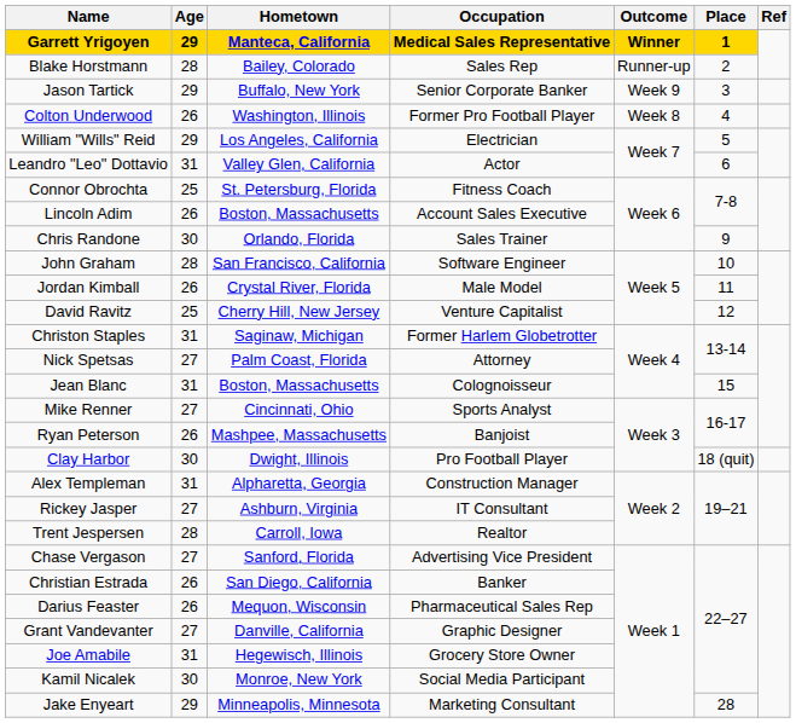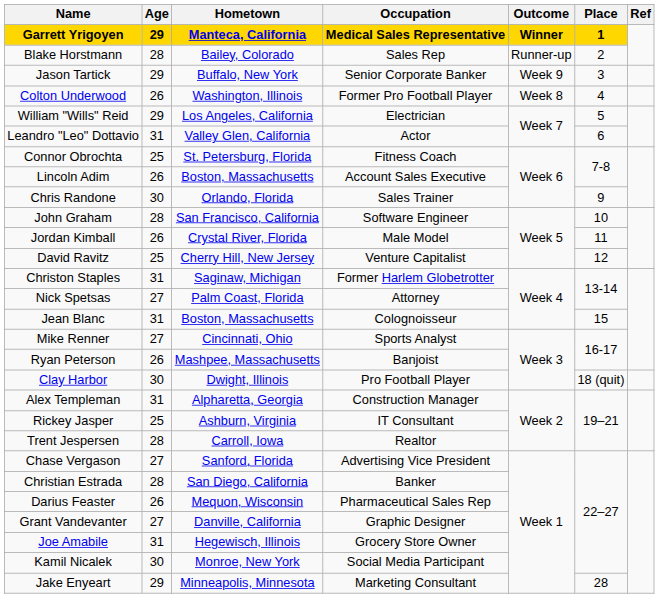 <table class="wikitable sortable" style="text-align:center;">
 <tr>
 <th>Name</th>
 <th>Age</th>
 <th>Hometown</th>
 <th>Occupation</th>
 <th>Outcome</th>
 <th>Place</th>
 <th>Ref</th>
 </tr>
 <tr>
 <td bgcolor="gold "><strong>Garrett Yrigoyen</strong></td>
 <td bgcolor="gold"><strong>29</strong></td>
 <td bgcolor="gold"><strong><a href='#'>Manteca, California</a></strong></td>
 <td bgcolor="gold"><strong>Medical Sales Representative</strong></td>
 <td bgcolor="gold"><strong>Winner</strong></td>
 <td bgcolor="gold"><strong>1</strong></td>
 <td rowspan="2" align="center"></td>
 </tr>
 <tr>
 <td>Blake Horstmann</td>
 <td>28</td>
 <td><a href='#'>Bailey, Colorado</a></td>
 <td>Sales Rep</td>
 <td data-sort-value="Wh">Runner-up</td>
 <td>2</td>
 </tr>
 <tr>
 <td>Jason Tartick</td>
 <td>29</td>
 <td><a href='#'>Buffalo, New York</a></td>
 <td>Senior Corporate Banker</td>
 <td>Week 9</td>
 <td>3</td>
 <td></td>
 </tr>
 <tr>
 <td><a href='#'>Colton Underwood</a></td>
 <td>26</td>
 <td><a href='#'>Washington, Illinois</a></td>
 <td>Former Pro Football Player</td>
 <td>Week 8</td>
 <td>4</td>
 <td></td>
 </tr>
 <tr>
 <td>William "Wills" Reid</td>
 <td>29</td>
 <td><a href='#'>Los Angeles, California</a></td>
 <td>Electrician</td>
 <td rowspan="2">Week 7</td>
 <td>5</td>
 <td rowspan="2"></td>
 </tr>
 <tr>
 <td Leo Dottavio>Leandro "Leo" Dottavio</td>
 <td>31</td>
 <td><a href='#'>Valley Glen, California</a></td>
 <td>Actor</td>
 <td>6</td>
 </tr>
 <tr>
 <td>Connor Obrochta</td>
 <td>25</td>
 <td><a href='#'>St. Petersburg, Florida</a></td>
 <td>Fitness Coach</td>
 <td rowspan="3">Week 6</td>
 <td rowspan="2">7-8</td>
 <td rowspan="3"></td>
 </tr>
 <tr>
 <td>Lincoln Adim</td>
 <td>26</td>
 <td><a href='#'>Boston, Massachusetts</a></td>
 <td>Account Sales Executive</td>
 </tr>
 <tr>
 <td>Chris Randone</td>
 <td>30</td>
 <td><a href='#'>Orlando, Florida</a></td>
 <td>Sales Trainer</td>
 <td>9</td>
 </tr>
 <tr>
 <td>John Graham</td>
 <td>28</td>
 <td><a href='#'>San Francisco, California</a></td>
 <td>Software Engineer</td>
 <td rowspan="3">Week 5</td>
 <td>10</td>
 <td rowspan="3"></td>
 </tr>
 <tr>
 <td>Jordan Kimball</td>
 <td>26</td>
 <td><a href='#'>Crystal River, Florida</a></td>
 <td>Male Model</td>
 <td>11</td>
 </tr>
 <tr>
 <td>David Ravitz</td>
 <td>25</td>
 <td><a href='#'>Cherry Hill, New Jersey</a></td>
 <td>Venture Capitalist</td>
 <td>12</td>
 </tr>
 <tr>
 <td>Christon Staples</td>
 <td>31</td>
 <td><a href='#'>Saginaw, Michigan</a></td>
 <td>Former <a href='#'>Harlem Globetrotter</a></td>
 <td rowspan="3">Week 4</td>
 <td rowspan="2">13-14</td>
 <td rowspan="5"></td>
 </tr>
 <tr>
 <td>Nick Spetsas</td>
 <td>27</td>
 <td><a href='#'>Palm Coast, Florida</a></td>
 <td>Attorney</td>
 </tr>
 <tr>
 <td>Jean Blanc</td>
 <td>31</td>
 <td><a href='#'>Boston, Massachusetts</a></td>
 <td>Colognoisseur</td>
 <td>15</td>
 </tr>
 <tr>
 <td>Mike Renner</td>
 <td>27</td>
 <td><a href='#'>Cincinnati, Ohio</a></td>
 <td>Sports Analyst</td>
 <td rowspan="3">Week 3</td>
 <td rowspan="2">16-17</td>
 </tr>
 <tr>
 <td>Ryan Peterson</td>
 <td>26</td>
 <td><a href='#'>Mashpee, Massachusetts</a></td>
 <td>Banjoist</td>
 </tr>
 <tr>
 <td><a href='#'>Clay Harbor</a></td>
 <td>30</td>
 <td><a href='#'>Dwight, Illinois</a></td>
 <td>Pro Football Player</td>
 <td>18 (quit)</td>
 <td></td>
 </tr>
 <tr>
 <td>Alex Templeman</td>
 <td>31</td>
 <td><a href='#'>Alpharetta, Georgia</a></td>
 <td>Construction Manager</td>
 <td rowspan="3">Week 2</td>
 <td rowspan="3">19–21</td>
 <td rowspan="3"></td>
 </tr>
 <tr>
 <td>Rickey Jasper</td>
-<td>27</td>
+<td>25</td>
 <td><a href='#'>Ashburn, Virginia</a></td>
 <td>IT Consultant</td>
 </tr>
 <tr>
 <td>Trent Jespersen</td>
 <td>28</td>
 <td><a href='#'>Carroll, Iowa</a></td>
 <td>Realtor</td>
 </tr>
 <tr>
 <td>Chase Vergason</td>
 <td>27</td>
 <td><a href='#'>Sanford, Florida</a></td>
 <td>Advertising Vice President</td>
 <td rowspan="7">Week 1</td>
 <td rowspan =6>22–27</td>
 <td rowspan="7"></td>
 </tr>
 <tr>
 <td>Christian Estrada</td>
-<td>26</td>
+<td>28</td>
 <td><a href='#'>San Diego, California</a></td>
 <td>Banker</td>
 </tr>
 <tr>
 <td>Darius Feaster</td>
 <td>26</td>
 <td><a href='#'>Mequon, Wisconsin</a></td>
 <td>Pharmaceutical Sales Rep</td>
 </tr>
 <tr>
 <td>Grant Vandevanter</td>
 <td>27</td>
 <td><a href='#'>Danville, California</a></td>
 <td>Graphic Designer</td>
 </tr>
 <tr>
 <td><a href='#'>Joe Amabile</a></td>
 <td>31</td>
 <td><a href='#'>Hegewisch, Illinois</a></td>
 <td>Grocery Store Owner</td>
 </tr>
 <tr>
 <td>Kamil Nicalek</td>
 <td>30</td>
 <td><a href='#'>Monroe, New York</a></td>
 <td>Social Media Participant</td>
 </tr>
 <tr>
 <td>Jake Enyeart</td>
 <td>29</td>
 <td><a href='#'>Minneapolis, Minnesota</a></td>
 <td>Marketing Consultant</td>
 <td>28</td>
 </tr>
 </table>
